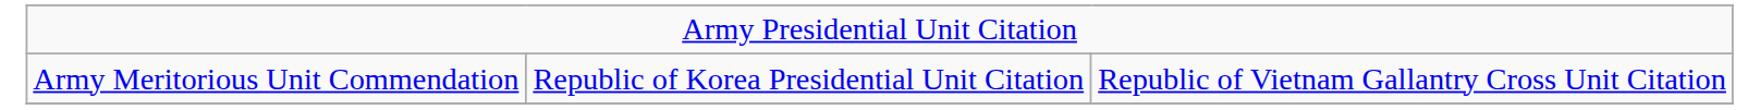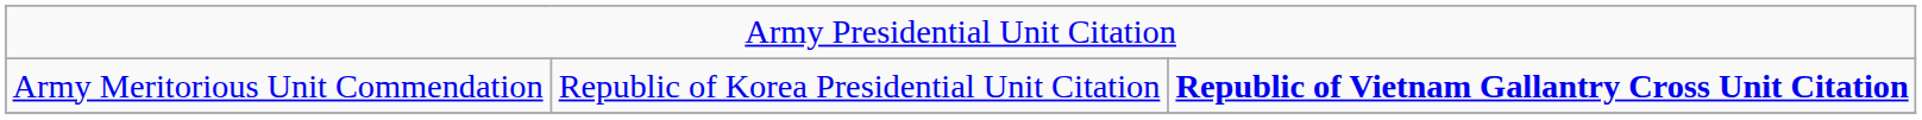 <table class="wikitable" style="margin:1em auto; text-align:center;">
 <tr>
 <td colspan="3"><a href='#'>Army Presidential Unit Citation</a></td>
 </tr>
 <tr>
 <td><a href='#'>Army Meritorious Unit Commendation</a></td>
 <td><a href='#'>Republic of Korea Presidential Unit Citation</a></td>
-<td><a href='#'>Republic of Vietnam Gallantry Cross Unit Citation</a></td>
+<td><strong><a href='#'>Republic of Vietnam Gallantry Cross Unit Citation</a></strong></td>
 </tr>
 <tr>
 </tr>
 </table>
